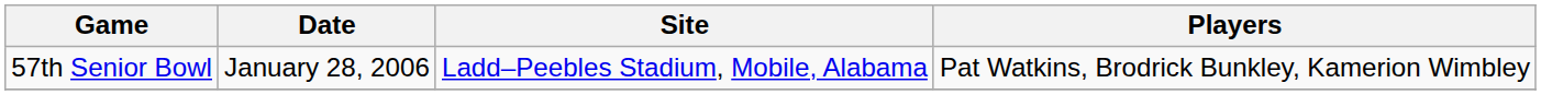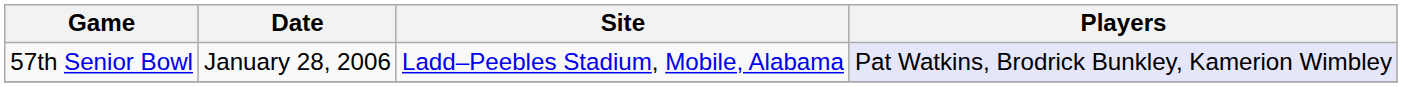 <table class="wikitable">
 <tr>
 <th>Game</th>
 <th>Date</th>
 <th>Site</th>
 <th>Players</th>
 </tr>
 <tr>
 <td>57th <a href='#'>Senior Bowl</a></td>
 <td>January 28, 2006</td>
 <td><a href='#'>Ladd–Peebles Stadium</a>, <a href='#'>Mobile, Alabama</a></td>
-<td>Pat Watkins, Brodrick Bunkley, Kamerion Wimbley</td>
+<td style="background: lavender;">Pat Watkins, Brodrick Bunkley, Kamerion Wimbley</td>
 </tr>
 <tr style="background: #e3e3e3;">
 </tr>
 <tr>
 </tr>
 </table>
